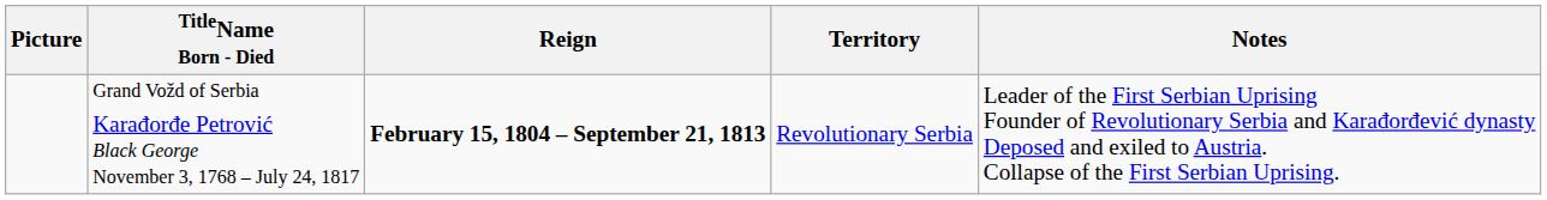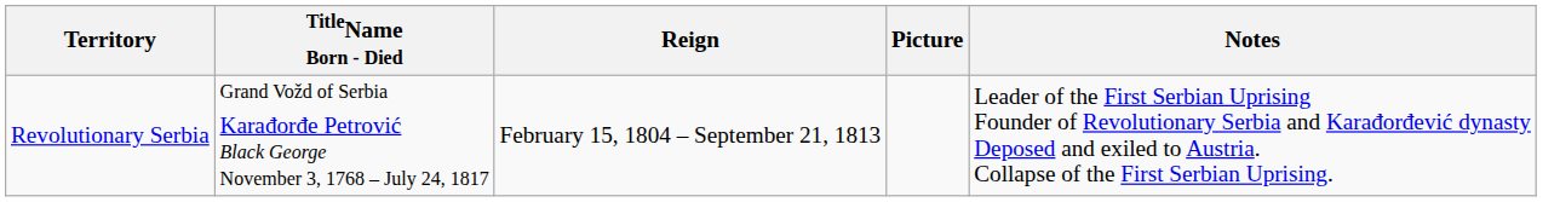 <table class="wikitable">
 <tr>
-<th>Picture</th>
+<th>Territory</th>
 <th><sup>Title</sup>Name<br><small>Born - Died</small></th>
 <th>Reign</th>
-<th>Territory</th>
+<th>Picture</th>
 <th>Notes</th>
 </tr>
 <tr ->
+<td><a href='#'>Revolutionary Serbia</a></td>
+<td><sup>Grand Vožd of Serbia</sup><br> <a href='#'>Karađorđe Petrović</a><br><small><em>Black George</em><br> November 3, 1768 – July 24, 1817</small></td>
+<td>February 15, 1804 – September 21, 1813</td>
 <td></td>
-<td><sup>Grand Vožd of Serbia</sup><br> <a href='#'>Karađorđe Petrović</a><br><small><em>Black George</em><br> November 3, 1768 – July 24, 1817</small></td>
-<td><strong>February 15, 1804 – September 21, 1813</strong></td>
-<td><a href='#'>Revolutionary Serbia</a></td>
 <td>Leader of the <a href='#'>First Serbian Uprising</a> <br> Founder of <a href='#'>Revolutionary Serbia</a> and <a href='#'>Karađorđević dynasty</a> <br> <a href='#'>Deposed</a> and exiled to <a href='#'>Austria</a>. <br> Collapse of the <a href='#'>First Serbian Uprising</a>.</td>
 </tr>
 </table>
